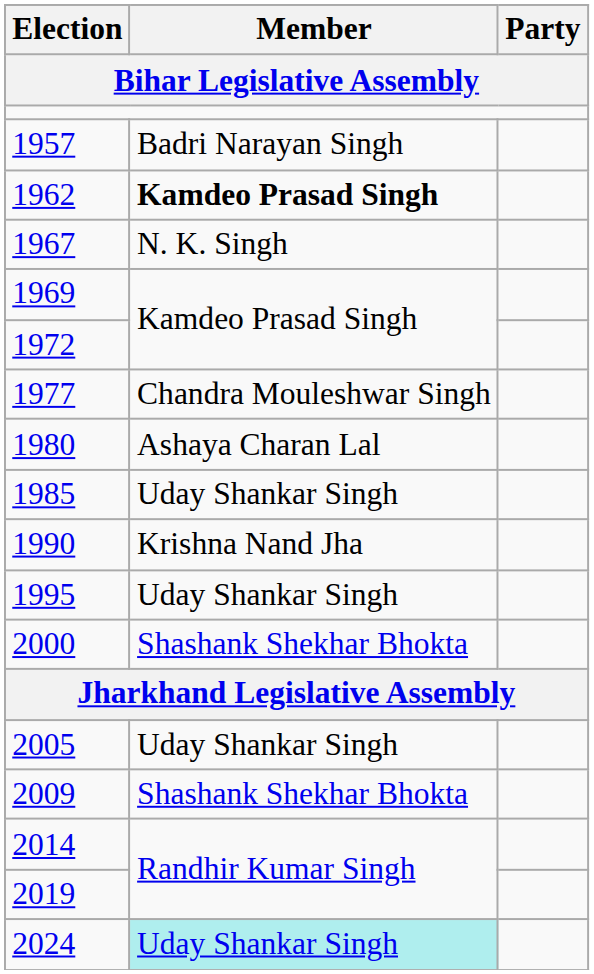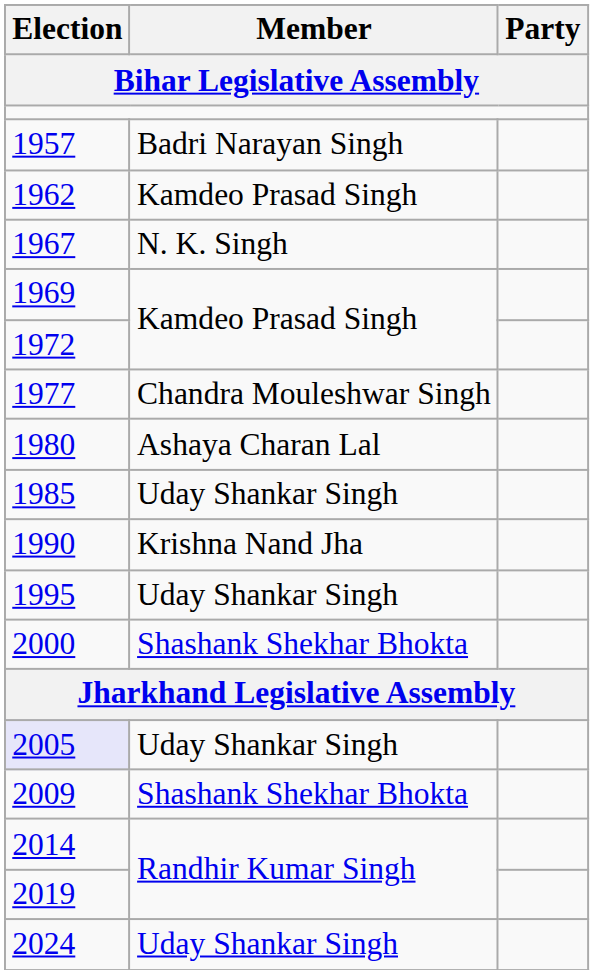 <table class="wikitable sortable">
 <tr>
 <th>Election</th>
 <th>Member</th>
 <th colspan=2>Party</th>
 </tr>
 <tr>
 <th colspan=4><a href='#'>Bihar Legislative Assembly</a></th>
 </tr>
 <tr>
 <td colspan="4"></td>
 </tr>
 <tr>
 <td><a href='#'>1957</a></td>
 <td>Badri Narayan Singh</td>
 <td></td>
 </tr>
 <tr>
 <td><a href='#'>1962</a></td>
-<td><strong>Kamdeo Prasad Singh</strong></td>
+<td>Kamdeo Prasad Singh</td>
 <td></td>
 </tr>
 <tr>
 <td><a href='#'>1967</a></td>
 <td>N. K. Singh</td>
 <td></td>
 </tr>
 <tr>
 <td><a href='#'>1969</a></td>
 <td rowspan=2>Kamdeo Prasad Singh</td>
 <td></td>
 </tr>
 <tr>
 <td><a href='#'>1972</a></td>
 <td></td>
 </tr>
 <tr>
 <td><a href='#'>1977</a></td>
 <td>Chandra Mouleshwar Singh</td>
 <td></td>
 </tr>
 <tr>
 <td><a href='#'>1980</a></td>
 <td>Ashaya Charan Lal</td>
 <td></td>
 </tr>
 <tr>
 <td><a href='#'>1985</a></td>
 <td>Uday Shankar Singh</td>
 <td></td>
 </tr>
 <tr>
 <td><a href='#'>1990</a></td>
 <td>Krishna Nand Jha</td>
 <td></td>
 </tr>
 <tr>
 <td><a href='#'>1995</a></td>
 <td>Uday Shankar Singh</td>
 <td></td>
 </tr>
 <tr>
 <td><a href='#'>2000</a></td>
 <td><a href='#'>Shashank Shekhar Bhokta</a></td>
 <td></td>
 </tr>
 <tr>
 <th colspan=4><a href='#'>Jharkhand Legislative Assembly</a></th>
 </tr>
 <tr>
-<td><a href='#'>2005</a></td>
+<td style="background: lavender;"><a href='#'>2005</a></td>
 <td>Uday Shankar Singh</td>
 <td></td>
 </tr>
 <tr>
 <td><a href='#'>2009</a></td>
 <td><a href='#'>Shashank Shekhar Bhokta</a></td>
 <td></td>
 </tr>
 <tr>
 <td><a href='#'>2014</a></td>
 <td rowspan=2><a href='#'>Randhir Kumar Singh</a></td>
 <td></td>
 </tr>
 <tr>
 <td><a href='#'>2019</a></td>
 <td></td>
 </tr>
 <tr>
 <td><a href='#'>2024</a></td>
-<td style="background: paleturquoise;"><a href='#'>Uday Shankar Singh</a></td>
+<td><a href='#'>Uday Shankar Singh</a></td>
 <td></td>
 </tr>
 <tr>
 </tr>
 </table>
